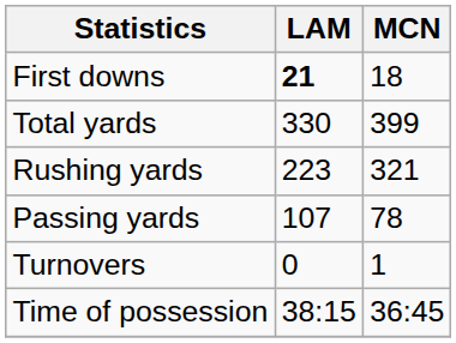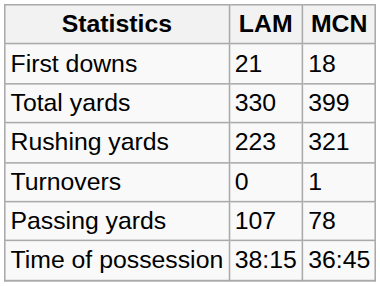 <table class="wikitable">
 <tr>
 <th>Statistics</th>
 <th>LAM</th>
 <th>MCN</th>
 </tr>
 <tr>
 <td>First downs</td>
-<td><strong>21</strong></td>
+<td>21</td>
 <td>18</td>
 </tr>
 <tr>
 <td>Total yards</td>
 <td>330</td>
 <td>399</td>
 </tr>
 <tr>
 <td>Rushing yards</td>
 <td>223</td>
 <td>321</td>
 </tr>
 <tr>
+<td>Turnovers</td>
+<td>0</td>
+<td>1</td>
+</tr>
+<tr>
 <td>Passing yards</td>
 <td>107</td>
 <td>78</td>
-</tr>
-<tr>
-<td>Turnovers</td>
-<td>0</td>
-<td>1</td>
 </tr>
 <tr>
 <td>Time of possession</td>
 <td>38:15</td>
 <td>36:45</td>
 </tr>
 <tr>
 </tr>
 </table>
